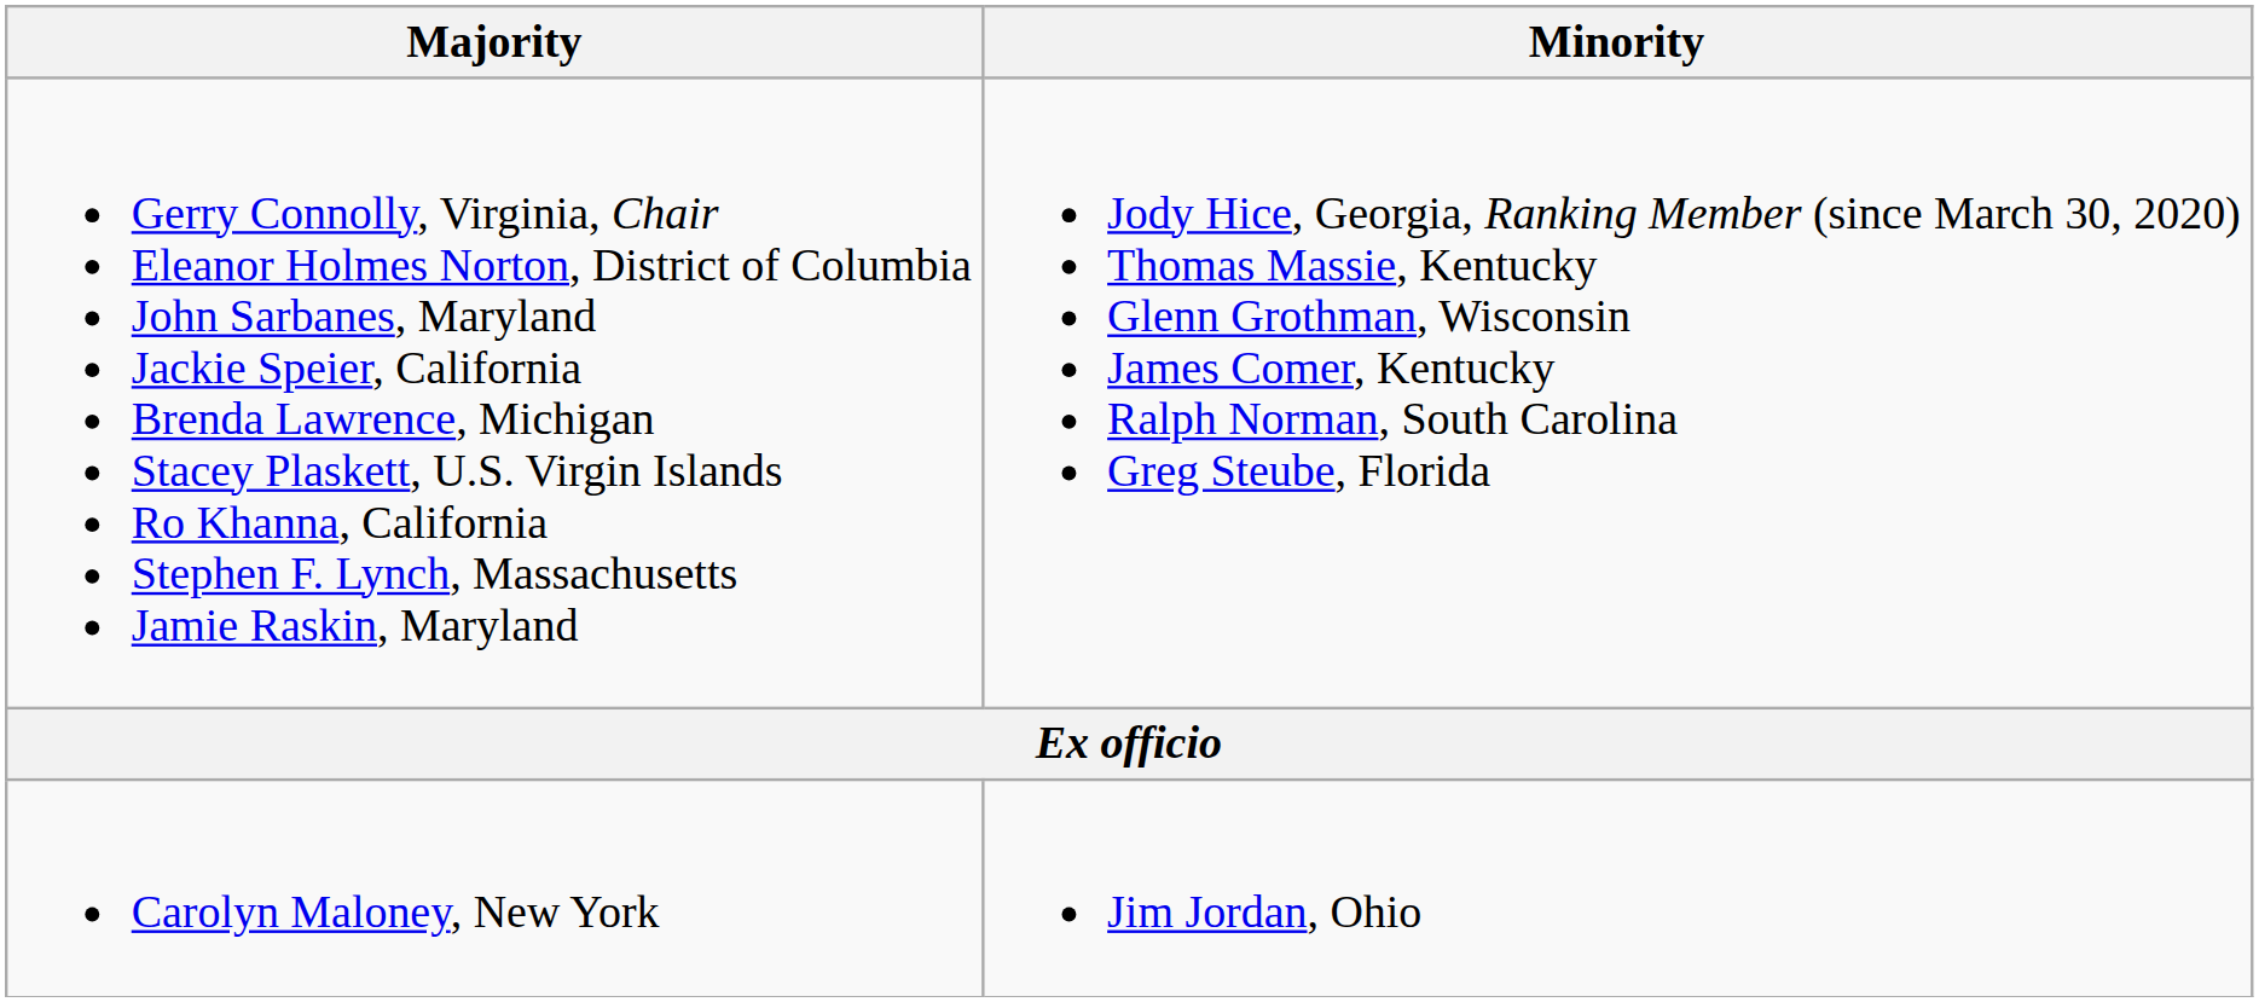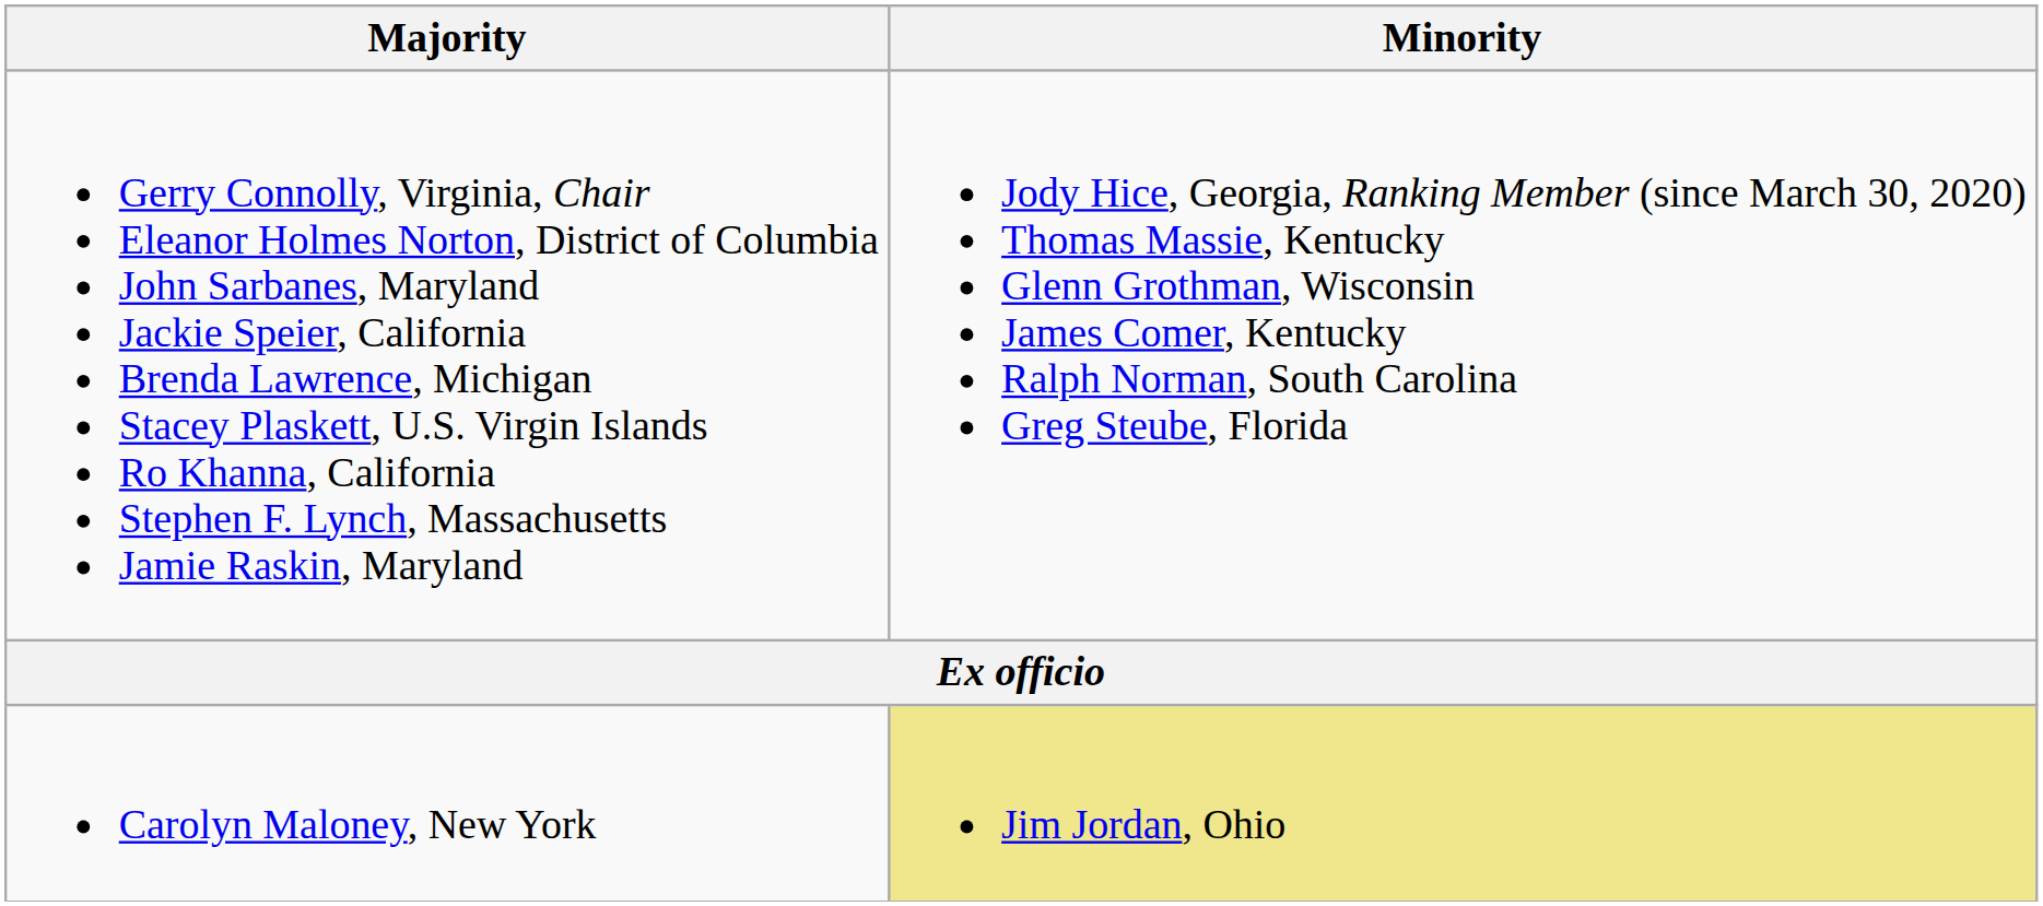 <table class=wikitable>
 <tr>
 <th>Majority</th>
 <th>Minority</th>
 </tr>
 <tr valign=top>
 <td><br><ul><li><a href='#'>Gerry Connolly</a>, Virginia, <em>Chair</em></li><li><a href='#'>Eleanor Holmes Norton</a>, District of Columbia</li><li><a href='#'>John Sarbanes</a>, Maryland</li><li><a href='#'>Jackie Speier</a>, California</li><li><a href='#'>Brenda Lawrence</a>, Michigan</li><li><a href='#'>Stacey Plaskett</a>, U.S. Virgin Islands</li><li><a href='#'>Ro Khanna</a>, California</li><li><a href='#'>Stephen F. Lynch</a>, Massachusetts</li><li><a href='#'>Jamie Raskin</a>, Maryland</li></ul></td>
 <td><br><ul><li><a href='#'>Jody Hice</a>, Georgia, <em>Ranking Member</em> (since March 30, 2020)</li><li><a href='#'>Thomas Massie</a>, Kentucky</li><li><a href='#'>Glenn Grothman</a>, Wisconsin</li><li><a href='#'>James Comer</a>, Kentucky</li><li><a href='#'>Ralph Norman</a>, South Carolina</li><li><a href='#'>Greg Steube</a>, Florida</li></ul></td>
 </tr>
 <tr>
 <th colspan=2><em>Ex officio</em></th>
 </tr>
 <tr>
 <td><br><ul><li><a href='#'>Carolyn Maloney</a>, New York</li></ul></td>
-<td><br><ul><li><a href='#'>Jim Jordan</a>, Ohio</li></ul></td>
+<td style="background: khaki;"><br><ul><li><a href='#'>Jim Jordan</a>, Ohio</li></ul></td>
 </tr>
 </table>
